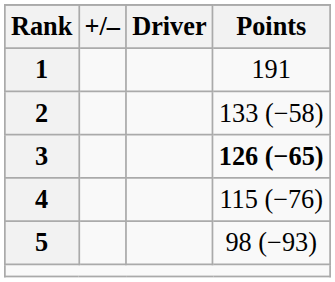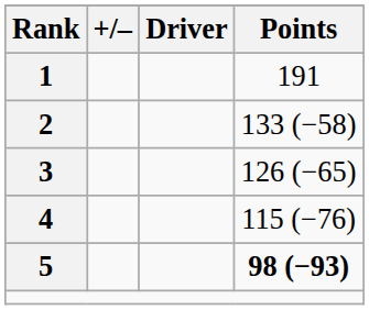 <table class="wikitable" style="font-size: 95%;">
 <tr>
 </tr>
 <tr>
 <th scope="col">Rank</th>
 <th scope="col">+/–</th>
 <th scope="col">Driver</th>
 <th scope="col">Points</th>
 </tr>
 <tr>
 <th scope="row">1</th>
 <td align="left"></td>
 <td></td>
 <td align="center">191</td>
 </tr>
 <tr>
 <th scope="row">2</th>
 <td align="left"></td>
 <td></td>
 <td align="center">133 (−58)</td>
 </tr>
 <tr>
 <th scope="row">3</th>
 <td align="left"></td>
 <td></td>
-<td align="center"><strong>126 (−65)</strong></td>
+<td align="center">126 (−65)</td>
 </tr>
 <tr>
 <th scope="row">4</th>
 <td align="left"></td>
 <td></td>
 <td align="center">115 (−76)</td>
 </tr>
 <tr>
 <th scope="row">5</th>
 <td align="left"></td>
 <td></td>
-<td align="center">98 (−93)</td>
+<td align="center"><strong>98 (−93)</strong></td>
 </tr>
 <tr class="sortbottom">
 <td colspan="9"></td>
 </tr>
 </table>
